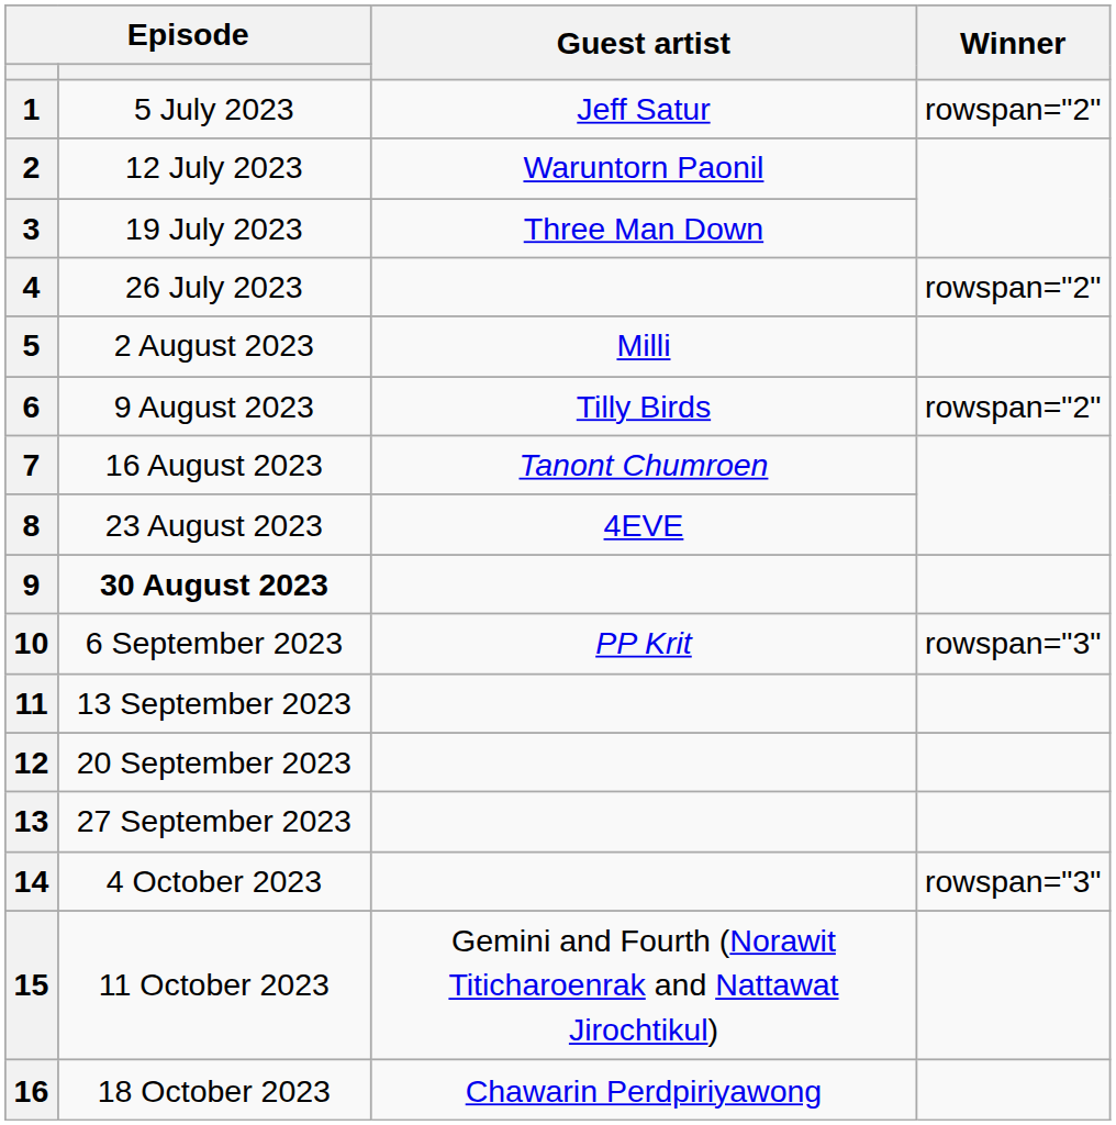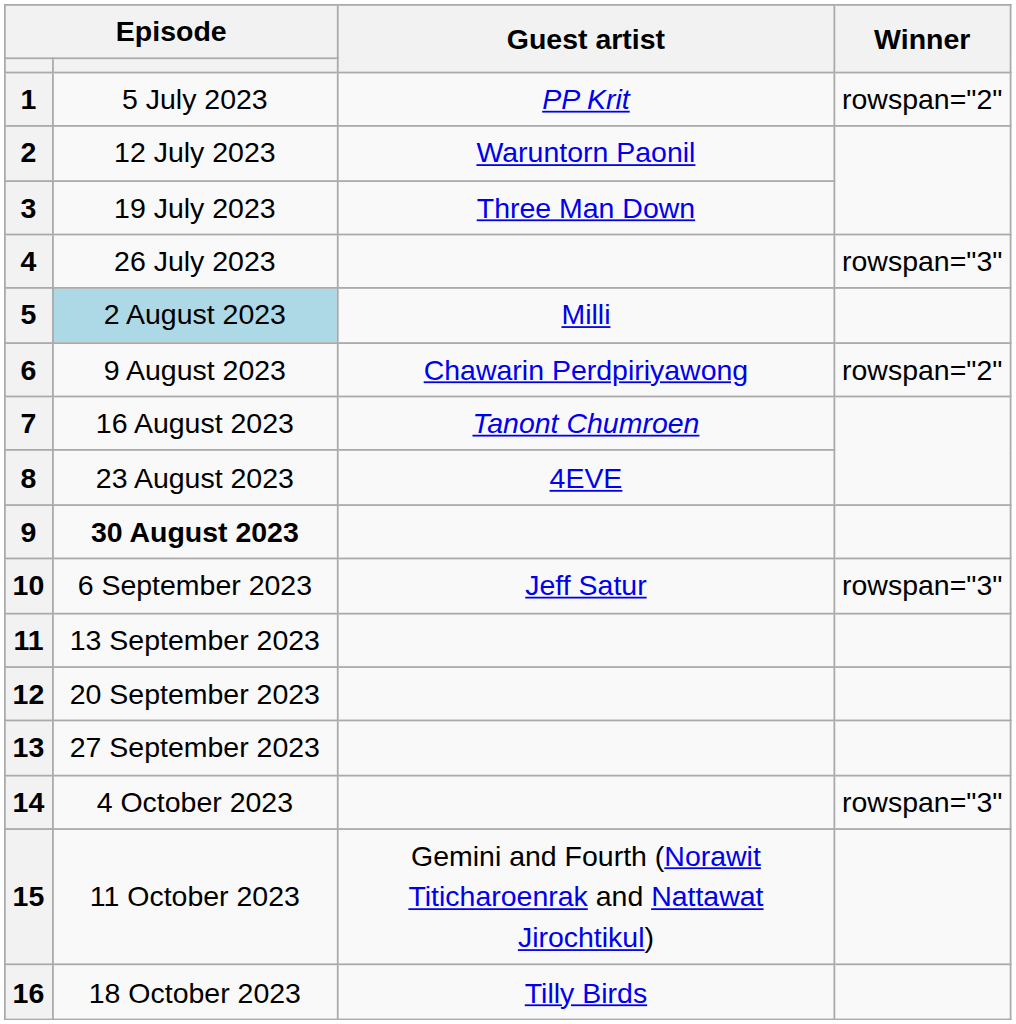 <table class="wikitable plainrowheaders mw-collapsible" style="text-align:center; line-height:23px; width:64%;">
 <tr>
 <th colspan="2" width="24%">Episode</th>
 <th rowspan="2" width="40%">Guest artist</th>
 <th rowspan="2" width="1%">Winner</th>
 </tr>
 <tr>
 <th width="01%"></th>
 <th></th>
 </tr>
 <tr>
 <th>1</th>
 <td>5 July 2023</td>
-<td><a href='#'>Jeff Satur</a></td>
+<td><em><a href='#'>PP Krit</a></em></td>
 <td>rowspan="2" </td>
 </tr>
 <tr>
 <th>2</th>
 <td>12 July 2023</td>
 <td><a href='#'>Waruntorn Paonil</a></td>
 </tr>
 <tr>
 <th>3</th>
 <td>19 July 2023</td>
 <td><a href='#'>Three Man Down</a></td>
 </tr>
 <tr>
 <th>4</th>
 <td>26 July 2023</td>
 <td></td>
-<td>rowspan="2" </td>
+<td>rowspan="3" </td>
 </tr>
 <tr>
 <th>5</th>
-<td>2 August 2023</td>
+<td style="background: lightblue;">2 August 2023</td>
 <td><a href='#'>Milli</a></td>
 </tr>
 <tr>
 <th>6</th>
 <td>9 August 2023</td>
-<td><a href='#'>Tilly Birds</a></td>
+<td><a href='#'>Chawarin Perdpiriyawong</a></td>
 <td>rowspan="2" </td>
 </tr>
 <tr>
 <th>7</th>
 <td>16 August 2023</td>
 <td><em><a href='#'>Tanont Chumroen</a></em></td>
 </tr>
 <tr>
 <th>8</th>
 <td>23 August 2023</td>
 <td><a href='#'>4EVE</a></td>
 </tr>
 <tr>
 <th>9</th>
 <td><strong>30 August 2023</strong></td>
 <td></td>
 <td></td>
 </tr>
 <tr>
 <th>10</th>
 <td>6 September 2023</td>
-<td><em><a href='#'>PP Krit</a></em></td>
+<td><a href='#'>Jeff Satur</a></td>
 <td>rowspan="3" </td>
 </tr>
 <tr>
 <th>11</th>
 <td>13 September 2023</td>
 <td></td>
 </tr>
 <tr>
 <th>12</th>
 <td>20 September 2023</td>
 <td></td>
 <td></td>
 </tr>
 <tr>
 <th>13</th>
 <td>27 September 2023</td>
 <td></td>
 <td></td>
 </tr>
 <tr>
 <th>14</th>
 <td>4 October 2023</td>
 <td></td>
 <td>rowspan="3" </td>
 </tr>
 <tr>
 <th>15</th>
 <td>11 October 2023</td>
 <td>Gemini and Fourth (<a href='#'>Norawit Titicharoenrak</a> and <a href='#'>Nattawat Jirochtikul</a>)</td>
 </tr>
 <tr>
 <th>16</th>
 <td>18 October 2023</td>
-<td><a href='#'>Chawarin Perdpiriyawong</a></td>
+<td><a href='#'>Tilly Birds</a></td>
 <td></td>
 </tr>
 </table>
